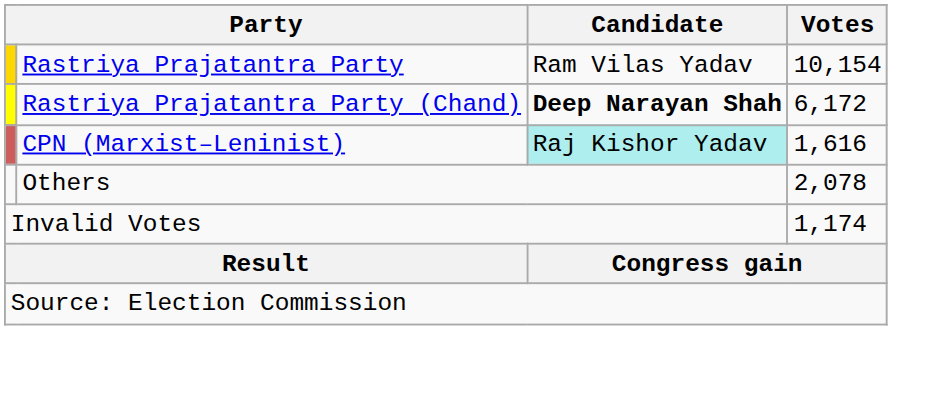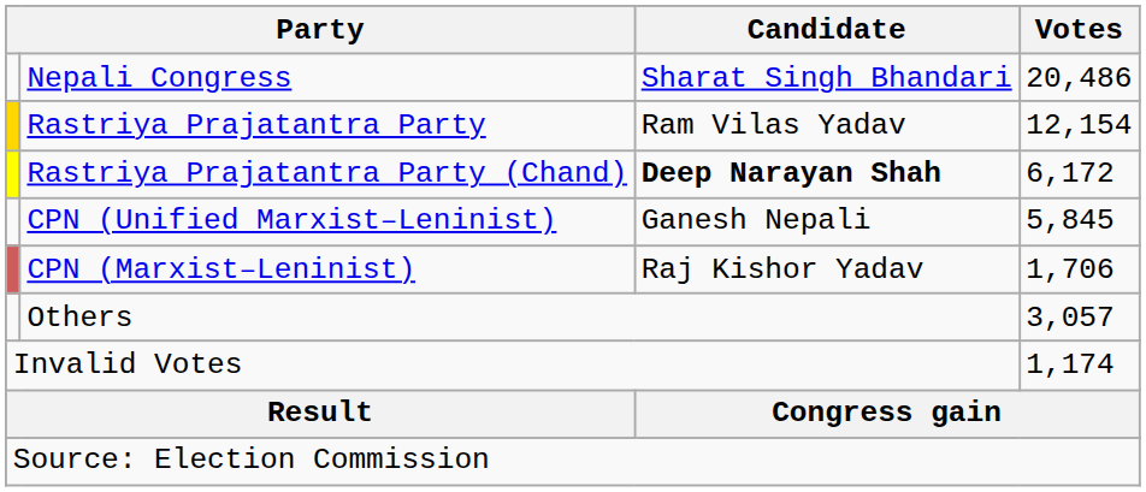 <table class="wikitable">
 <tr>
 <th colspan="2">Party</th>
 <th>Candidate</th>
 <th>Votes</th>
 </tr>
 <tr>
+<td style="background-color:"></td>
+<td><a href='#'>Nepali Congress</a></td>
+<td><a href='#'>Sharat Singh Bhandari</a></td>
+<td>20,486</td>
+</tr>
+<tr>
 <td style="background-color:gold"></td>
 <td><a href='#'>Rastriya Prajatantra Party</a></td>
 <td>Ram Vilas Yadav</td>
-<td>10,154</td>
+<td>12,154</td>
 </tr>
 <tr>
 <td style="background-color:yellow"></td>
 <td><a href='#'>Rastriya Prajatantra Party (Chand)</a></td>
 <td><strong>Deep Narayan Shah</strong></td>
 <td>6,172</td>
 </tr>
 <tr>
+<td style="background-color:"></td>
+<td><a href='#'>CPN (Unified Marxist–Leninist)</a></td>
+<td>Ganesh Nepali</td>
+<td>5,845</td>
+</tr>
+<tr>
 <td style="background-color:indianred"></td>
 <td><a href='#'>CPN (Marxist–Leninist)</a></td>
-<td style="background: paleturquoise;">Raj Kishor Yadav</td>
-<td>1,616</td>
+<td>Raj Kishor Yadav</td>
+<td>1,706</td>
 </tr>
 <tr>
 <td></td>
 <td colspan="2">Others</td>
-<td>2,078</td>
+<td>3,057</td>
 </tr>
 <tr>
 <td colspan="3">Invalid Votes</td>
 <td>1,174</td>
 </tr>
 <tr>
 <th colspan="2">Result</th>
 <th colspan="2">Congress gain</th>
 </tr>
 <tr>
 <td colspan="4">Source: Election Commission</td>
 </tr>
 </table>
